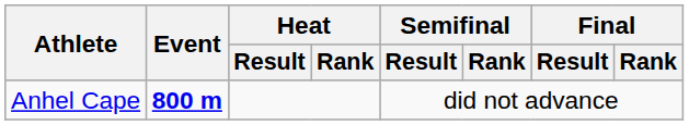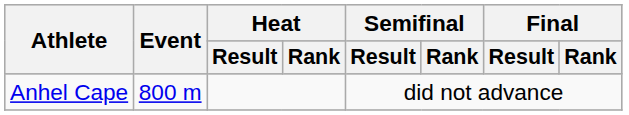 <table class=wikitable style="font-size:90%">
 <tr>
 <th rowspan="2">Athlete</th>
 <th rowspan="2">Event</th>
 <th colspan="2">Heat</th>
 <th colspan="2">Semifinal</th>
 <th colspan="2">Final</th>
 </tr>
 <tr style="font-size:95%">
 <th>Result</th>
 <th>Rank</th>
 <th>Result</th>
 <th>Rank</th>
 <th>Result</th>
 <th>Rank</th>
 </tr>
 <tr align=center>
 <td align=left><a href='#'>Anhel Cape</a></td>
-<td align=left><strong><a href='#'>800 m</a></strong></td>
+<td align=left><a href='#'>800 m</a></td>
 <td colspan=2></td>
 <td colspan=4>did not advance</td>
 </tr>
 </table>
